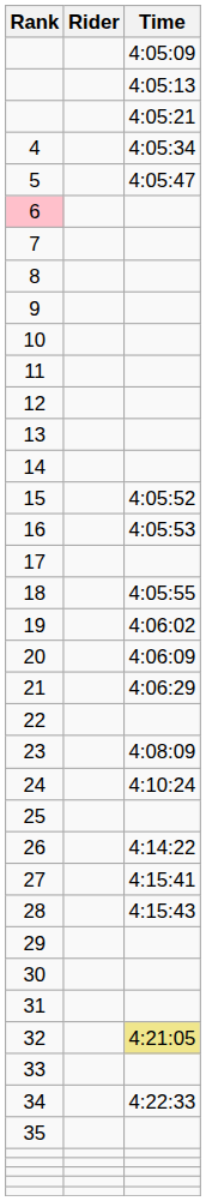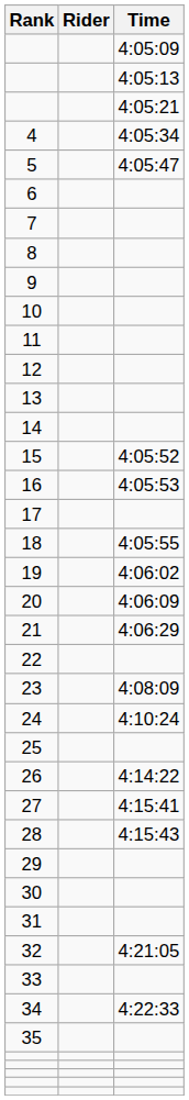 <table class="wikitable" style="font-size:95%" style="width:25em;">
 <tr>
 <th>Rank</th>
 <th>Rider</th>
 <th>Time</th>
 </tr>
 <tr>
 <td align=center></td>
 <td></td>
 <td>4:05:09</td>
 </tr>
 <tr>
 <td align=center></td>
 <td></td>
 <td>4:05:13</td>
 </tr>
 <tr>
 <td align=center></td>
 <td></td>
 <td>4:05:21</td>
 </tr>
 <tr>
 <td align=center>4</td>
 <td></td>
 <td>4:05:34</td>
 </tr>
 <tr>
 <td align=center>5</td>
 <td></td>
 <td>4:05:47</td>
 </tr>
 <tr>
-<td align=center style="background: pink;">6</td>
+<td align=center>6</td>
 <td></td>
 <td></td>
 </tr>
 <tr>
 <td align=center>7</td>
 <td></td>
 <td></td>
 </tr>
 <tr>
 <td align=center>8</td>
 <td></td>
 <td></td>
 </tr>
 <tr>
 <td align=center>9</td>
 <td></td>
 <td></td>
 </tr>
 <tr>
 <td align=center>10</td>
 <td></td>
 <td></td>
 </tr>
 <tr>
 <td align=center>11</td>
 <td></td>
 <td></td>
 </tr>
 <tr>
 <td align=center>12</td>
 <td></td>
 <td></td>
 </tr>
 <tr>
 <td align=center>13</td>
 <td></td>
 <td></td>
 </tr>
 <tr>
 <td align=center>14</td>
 <td></td>
 <td></td>
 </tr>
 <tr>
 <td align=center>15</td>
 <td></td>
 <td>4:05:52</td>
 </tr>
 <tr>
 <td align=center>16</td>
 <td></td>
 <td>4:05:53</td>
 </tr>
 <tr>
 <td align=center>17</td>
 <td></td>
 <td></td>
 </tr>
 <tr>
 <td align=center>18</td>
 <td></td>
 <td>4:05:55</td>
 </tr>
 <tr>
 <td align=center>19</td>
 <td></td>
 <td>4:06:02</td>
 </tr>
 <tr>
 <td align=center>20</td>
 <td></td>
 <td>4:06:09</td>
 </tr>
 <tr>
 <td align=center>21</td>
 <td></td>
 <td>4:06:29</td>
 </tr>
 <tr>
 <td align=center>22</td>
 <td></td>
 <td></td>
 </tr>
 <tr>
 <td align=center>23</td>
 <td></td>
 <td>4:08:09</td>
 </tr>
 <tr>
 <td align=center>24</td>
 <td></td>
 <td>4:10:24</td>
 </tr>
 <tr>
 <td align=center>25</td>
 <td></td>
 <td></td>
 </tr>
 <tr>
 <td align=center>26</td>
 <td></td>
 <td>4:14:22</td>
 </tr>
 <tr>
 <td align=center>27</td>
 <td></td>
 <td>4:15:41</td>
 </tr>
 <tr>
 <td align=center>28</td>
 <td></td>
 <td>4:15:43</td>
 </tr>
 <tr>
 <td align=center>29</td>
 <td></td>
 <td></td>
 </tr>
 <tr>
 <td align=center>30</td>
 <td></td>
 <td></td>
 </tr>
 <tr>
 <td align=center>31</td>
 <td></td>
 <td></td>
 </tr>
 <tr>
 <td align=center>32</td>
 <td></td>
-<td style="background: khaki;">4:21:05</td>
+<td>4:21:05</td>
 </tr>
 <tr>
 <td align=center>33</td>
 <td></td>
 <td></td>
 </tr>
 <tr>
 <td align=center>34</td>
 <td></td>
 <td>4:22:33</td>
 </tr>
 <tr>
 <td align=center>35</td>
 <td></td>
 <td></td>
 </tr>
 <tr>
 <td align=center></td>
 <td></td>
 <td></td>
 </tr>
 <tr>
 <td align=center></td>
 <td></td>
 <td></td>
 </tr>
 <tr>
 <td align=center></td>
 <td></td>
 <td></td>
 </tr>
 <tr>
 <td align=center></td>
 <td></td>
 <td></td>
 </tr>
 <tr>
 <td align=center></td>
 <td></td>
 <td></td>
 </tr>
 </table>
